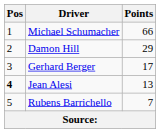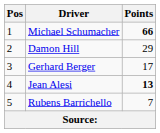 <table class="wikitable" style="font-size: 95%;">
 <tr>
 <th>Pos</th>
 <th>Driver</th>
 <th>Points</th>
 </tr>
 <tr>
 <td>1</td>
 <td> <a href='#'>Michael Schumacher</a></td>
-<td align="right">66</td>
+<td align="right"><strong>66</strong></td>
 </tr>
 <tr>
 <td>2</td>
 <td> <a href='#'>Damon Hill</a></td>
 <td align="right">29</td>
 </tr>
 <tr>
 <td>3</td>
 <td> <a href='#'>Gerhard Berger</a></td>
 <td align="right">17</td>
 </tr>
 <tr>
-<td><strong>4</strong></td>
+<td>4</td>
 <td> <a href='#'>Jean Alesi</a></td>
-<td align="right">13</td>
+<td align="right"><strong>13</strong></td>
 </tr>
 <tr>
 <td>5</td>
 <td> <a href='#'>Rubens Barrichello</a></td>
 <td align="right">7</td>
 </tr>
 <tr>
 <th colspan=4>Source: </th>
 </tr>
 </table>
